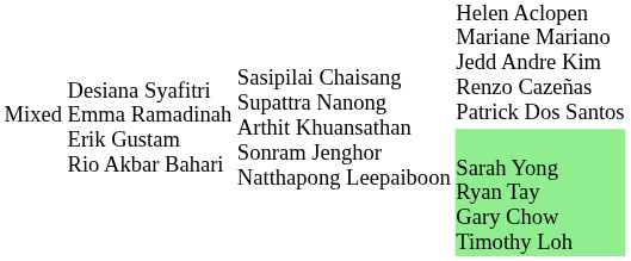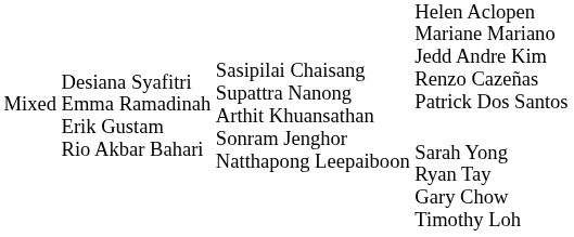 <table>
 <tr>
 <td rowspan=2>Mixed</td>
 <td rowspan=2><br>Desiana Syafitri<br>Emma Ramadinah<br>Erik Gustam<br>Rio Akbar Bahari</td>
 <td rowspan=2><br>Sasipilai Chaisang<br>Supattra Nanong<br>Arthit Khuansathan<br>Sonram Jenghor<br>Natthapong Leepaiboon</td>
 <td><br>Helen Aclopen<br>Mariane Mariano<br>Jedd Andre Kim<br>Renzo Cazeñas<br>Patrick Dos Santos</td>
 </tr>
 <tr>
-<td style="background: lightgreen;"><br>Sarah Yong<br>Ryan Tay<br>Gary Chow<br>Timothy Loh</td>
+<td><br>Sarah Yong<br>Ryan Tay<br>Gary Chow<br>Timothy Loh</td>
 </tr>
 </table>
